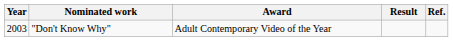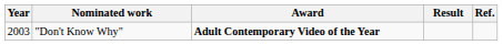 <table class="wikitable">
 <tr>
 <th>Year</th>
 <th style="width:220px;">Nominated work</th>
 <th style="width:325px;">Award</th>
 <th width="62">Result</th>
 <th width="25">Ref.</th>
 </tr>
 <tr>
 <td rowspan="2">2003</td>
 <td rowspan="2">"Don't Know Why"</td>
-<td>Adult Contemporary Video of the Year</td>
+<td><strong>Adult Contemporary Video of the Year</strong></td>
 <td></td>
 <td></td>
 </tr>
 </table>
